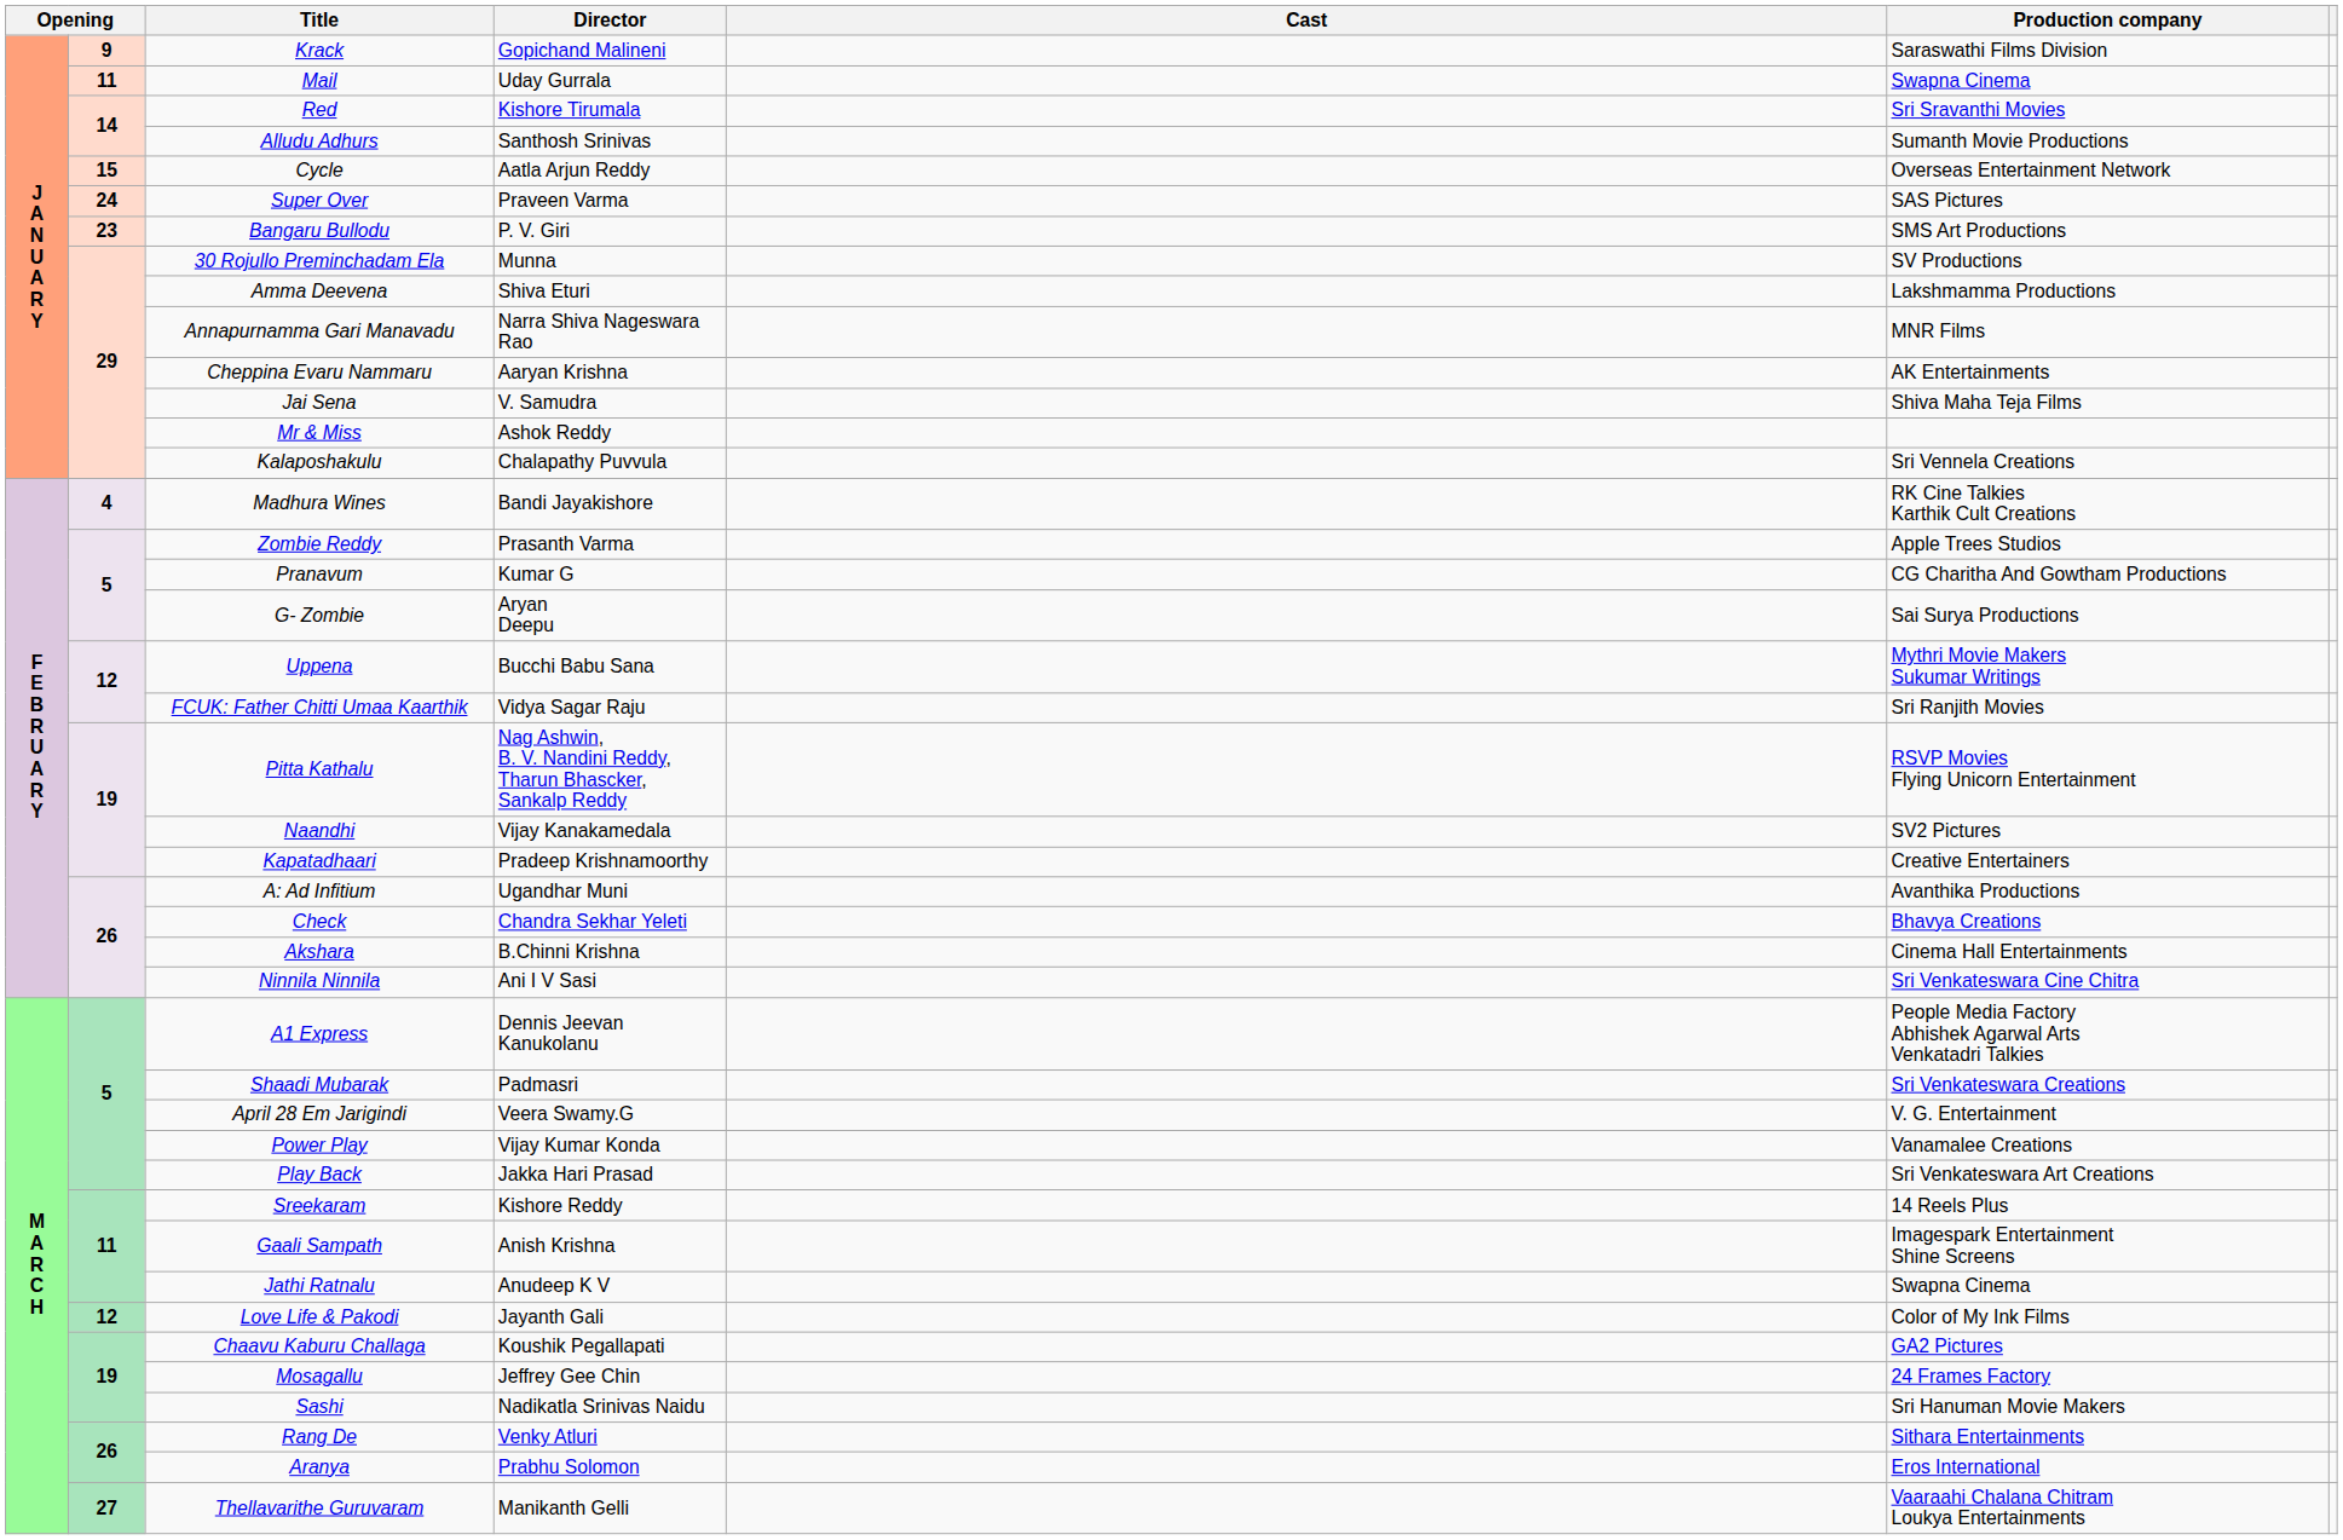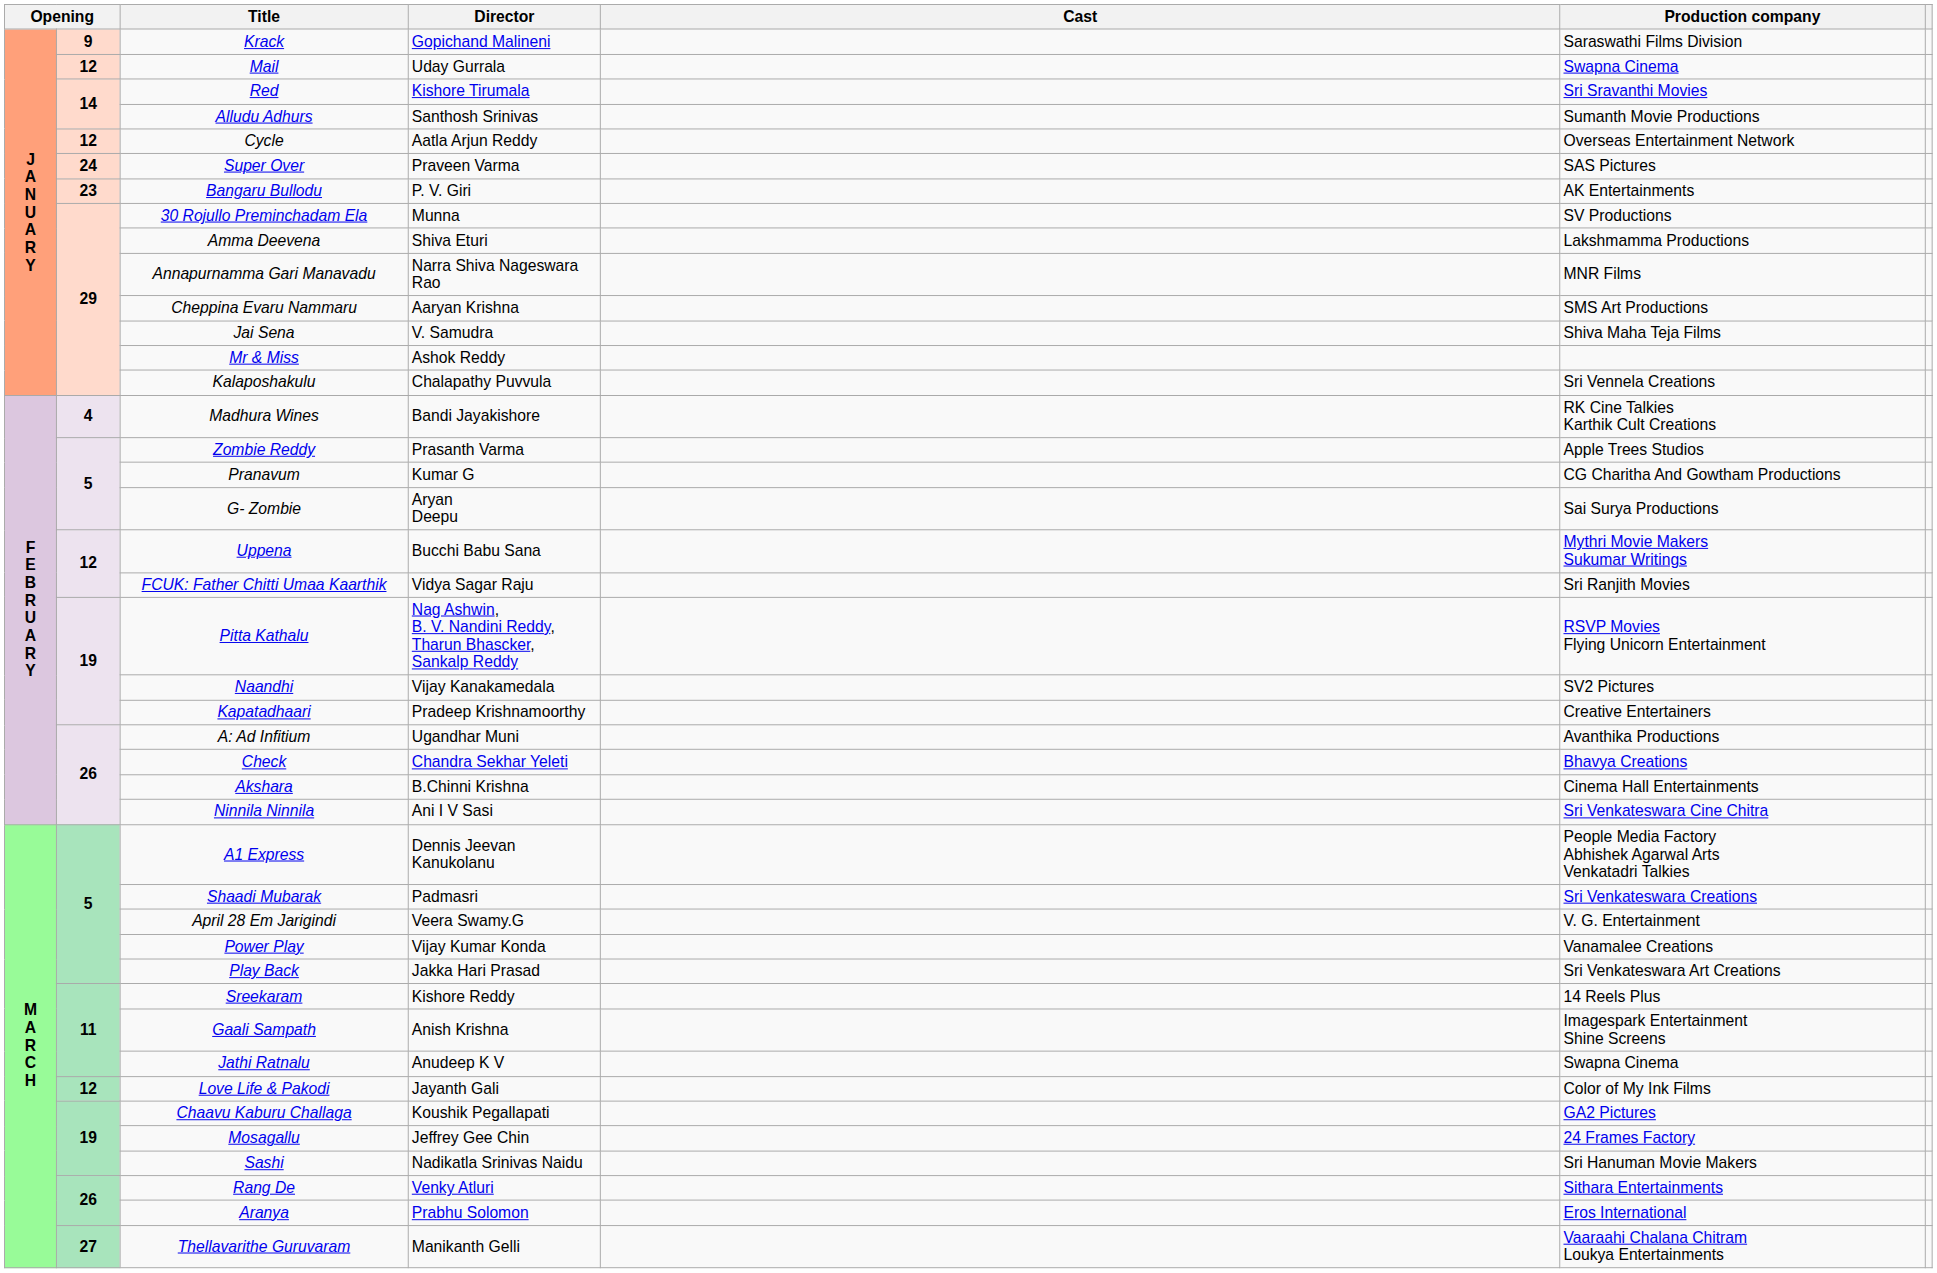 <table class="wikitable sortable">
 <tr style="background:#blue; text-align:center;">
 <th colspan="2" style="width:6%;">Opening</th>
 <th style="width:15%;">Title</th>
 <th style="width:10%;">Director</th>
 <th style="width:50%;">Cast</th>
 <th style="width:25%;">Production company</th>
 <th style="width:1%;"></th>
 </tr>
 <tr January!>
 <td rowspan="14" style="text-align:center;background:#ffa07a;textcolor:#000;"><strong>J<br>A<br>N<br>U<br>A<br>R<br>Y</strong></td>
 <td rowspan="1" style="text-align:center; background:#ffdacc;"><strong>9</strong></td>
 <td style="text-align:center;"><em><a href='#'>Krack</a></em></td>
 <td><a href='#'>Gopichand Malineni</a></td>
 <td></td>
 <td>Saraswathi Films Division</td>
 <td></td>
 </tr>
 <tr>
-<td rowspan="1" style="text-align:center; background:#ffdacc;"><strong>11</strong></td>
+<td rowspan="1" style="text-align:center; background:#ffdacc;"><strong>12</strong></td>
 <td style="text-align:center;"><em><a href='#'>Mail</a></em></td>
 <td>Uday Gurrala</td>
 <td></td>
 <td><a href='#'>Swapna Cinema</a></td>
 <td></td>
 </tr>
 <tr>
 <td rowspan="2" style="text-align:center;background:#ffdacc;"><strong>14</strong></td>
 <td style="text-align:center;"><em><a href='#'>Red</a></em></td>
 <td><a href='#'>Kishore Tirumala</a></td>
 <td></td>
 <td><a href='#'>Sri Sravanthi Movies</a></td>
 <td></td>
 </tr>
 <tr>
 <td style="text-align:center;"><em><a href='#'>Alludu Adhurs</a></em></td>
 <td>Santhosh Srinivas</td>
 <td></td>
 <td>Sumanth Movie Productions</td>
 <td></td>
 </tr>
 <tr>
-<td style="text-align:center;background:#ffdacc;"><strong>15</strong></td>
+<td style="text-align:center;background:#ffdacc;"><strong>12</strong></td>
 <td style="text-align:center;"><em>Cycle</em></td>
 <td>Aatla Arjun Reddy</td>
 <td></td>
 <td>Overseas Entertainment Network</td>
 <td></td>
 </tr>
 <tr>
 <td style="text-align:center;background:#ffdacc;"><strong>24</strong></td>
 <td style="text-align:center;"><a href='#'><em>Super Over</em></a></td>
 <td>Praveen Varma</td>
 <td></td>
 <td>SAS Pictures</td>
 <td></td>
 </tr>
 <tr>
 <td style="text-align:center;background:#ffdacc;"><strong>23</strong></td>
 <td style="text-align:center;"><em><a href='#'>Bangaru Bullodu</a></em></td>
 <td>P. V. Giri</td>
 <td></td>
-<td>SMS Art Productions</td>
+<td>AK Entertainments</td>
 <td></td>
 </tr>
 <tr>
 <td rowspan="7" style="text-align:center;background:#ffdacc;"><strong>29</strong></td>
 <td style="text-align:center;"><em><a href='#'>30 Rojullo Preminchadam Ela</a></em></td>
 <td>Munna</td>
 <td></td>
 <td>SV Productions</td>
 <td></td>
 </tr>
 <tr>
 <td style="text-align:center;"><em>Amma Deevena</em></td>
 <td>Shiva Eturi</td>
 <td></td>
 <td>Lakshmamma Productions</td>
 <td></td>
 </tr>
 <tr>
 <td style="text-align:center;"><em>Annapurnamma Gari Manavadu</em></td>
 <td>Narra Shiva Nageswara Rao</td>
 <td></td>
 <td>MNR Films</td>
 <td></td>
 </tr>
 <tr>
 <td style="text-align:center;"><em>Cheppina Evaru Nammaru</em></td>
 <td>Aaryan Krishna</td>
 <td></td>
-<td>AK Entertainments</td>
+<td>SMS Art Productions</td>
 <td></td>
 </tr>
 <tr>
 <td style="text-align:center;"><em>Jai Sena</em></td>
 <td>V. Samudra</td>
 <td></td>
 <td>Shiva Maha Teja Films</td>
 <td></td>
 </tr>
 <tr>
 <td style="text-align:center;"><em><a href='#'>Mr & Miss</a></em></td>
 <td>Ashok Reddy</td>
 <td></td>
 <td></td>
 <td></td>
 </tr>
 <tr>
 <td style="text-align:center;"><em>Kalaposhakulu</em></td>
 <td>Chalapathy Puvvula</td>
 <td></td>
 <td>Sri Vennela Creations</td>
 <td></td>
 </tr>
 <tr>
 </tr>
 <tr February!>
 <td rowspan="13" style="text-align:center; background:#dcc7df; textcolor:#000;"><strong>F<br>E<br>B<br>R<br>U<br>A<br>R<br>Y</strong></td>
 <td rowspan="1" style="text-align:center; background:#ede3ef;"><strong>4</strong></td>
 <td style="text-align:center;"><em>Madhura Wines</em></td>
 <td>Bandi Jayakishore</td>
 <td></td>
 <td>RK Cine Talkies<br>Karthik Cult Creations</td>
 <td></td>
 </tr>
 <tr>
 <td rowspan="3" style="text-align:center; background:#ede3ef;"><strong>5</strong></td>
 <td style="text-align:center;"><em><a href='#'>Zombie Reddy</a></em></td>
 <td>Prasanth Varma</td>
 <td></td>
 <td>Apple Trees Studios</td>
 <td></td>
 </tr>
 <tr>
 <td style="text-align:center;"><em>Pranavum</em></td>
 <td>Kumar G</td>
 <td></td>
 <td>CG Charitha And Gowtham Productions</td>
 <td></td>
 </tr>
 <tr>
 <td style="text-align:center;"><em>G- Zombie</em></td>
 <td>Aryan<br>Deepu</td>
 <td></td>
 <td>Sai Surya Productions</td>
 <td></td>
 </tr>
 <tr>
 <td rowspan="2" style="text-align:center; background:#ede3ef;"><strong>12</strong></td>
 <td style="text-align:center;"><em><a href='#'>Uppena</a></em></td>
 <td>Bucchi Babu Sana</td>
 <td></td>
 <td><a href='#'>Mythri Movie Makers</a><br><a href='#'>Sukumar Writings</a></td>
 <td></td>
 </tr>
 <tr>
 <td style="text-align:center;"><em><a href='#'>FCUK: Father Chitti Umaa Kaarthik</a></em></td>
 <td>Vidya Sagar Raju</td>
 <td></td>
 <td>Sri Ranjith Movies</td>
 <td></td>
 </tr>
 <tr>
 <td rowspan="3" style="text-align:center; background:#ede3ef;"><strong>19</strong></td>
 <td style="text-align:center;"><em><a href='#'>Pitta Kathalu</a></em></td>
 <td><a href='#'>Nag Ashwin</a>,<br><a href='#'>B. V. Nandini Reddy</a>,<br><a href='#'>Tharun Bhascker</a>,<br><a href='#'>Sankalp Reddy</a></td>
 <td></td>
 <td><a href='#'>RSVP Movies</a><br>Flying Unicorn Entertainment</td>
 <td></td>
 </tr>
 <tr>
 <td style="text-align:center;"><em><a href='#'>Naandhi</a></em></td>
 <td>Vijay Kanakamedala</td>
 <td></td>
 <td>SV2 Pictures</td>
 <td></td>
 </tr>
 <tr>
 <td style="text-align:center;"><em><a href='#'>Kapatadhaari</a></em></td>
 <td>Pradeep Krishnamoorthy</td>
 <td></td>
 <td>Creative Entertainers</td>
 <td></td>
 </tr>
 <tr>
 <td rowspan="4" style="text-align:center; background:#ede3ef;"><strong>26</strong></td>
 <td style="text-align:center;"><em>A: Ad Infitium</em></td>
 <td>Ugandhar Muni</td>
 <td></td>
 <td>Avanthika Productions</td>
 <td></td>
 </tr>
 <tr>
 <td style="text-align:center;"><em><a href='#'>Check</a></em></td>
 <td><a href='#'>Chandra Sekhar Yeleti</a></td>
 <td></td>
 <td><a href='#'>Bhavya Creations</a></td>
 <td></td>
 </tr>
 <tr>
 <td style="text-align:center;"><a href='#'><em>Akshara</em></a></td>
 <td>B.Chinni Krishna</td>
 <td></td>
 <td>Cinema Hall Entertainments</td>
 <td></td>
 </tr>
 <tr>
 <td style="text-align:center;"><em><a href='#'>Ninnila Ninnila</a></em></td>
 <td>Ani I V Sasi</td>
 <td></td>
 <td><a href='#'>Sri Venkateswara Cine Chitra</a></td>
 <td></td>
 </tr>
 <tr March!>
 <td rowspan="15" style="text-align:center; background:#98fb98; textcolor:#000;"><strong>M<br>A<br>R<br>C<br>H</strong></td>
 <td rowspan="5" style="text-align:center; background:#a8e4bc;"><strong>5</strong></td>
 <td style="text-align:center;"><em><a href='#'>A1 Express</a></em></td>
 <td>Dennis Jeevan Kanukolanu</td>
 <td></td>
 <td>People Media Factory<br>Abhishek Agarwal Arts<br>Venkatadri Talkies</td>
 <td></td>
 </tr>
 <tr>
 <td style="text-align:center;"><em><a href='#'>Shaadi Mubarak</a></em></td>
 <td>Padmasri</td>
 <td></td>
 <td><a href='#'>Sri Venkateswara Creations</a></td>
 <td></td>
 </tr>
 <tr>
 <td style="text-align:center;"><em>April 28 Em Jarigindi</em></td>
 <td>Veera Swamy.G</td>
 <td></td>
 <td>V. G. Entertainment</td>
 <td></td>
 </tr>
 <tr>
 <td style="text-align:center;"><em><a href='#'>Power Play</a></em></td>
 <td>Vijay Kumar Konda</td>
 <td></td>
 <td>Vanamalee Creations</td>
 <td></td>
 </tr>
 <tr>
 <td style="text-align:center;"><em><a href='#'>Play Back</a></em></td>
 <td>Jakka Hari Prasad</td>
 <td></td>
 <td>Sri Venkateswara Art Creations</td>
 <td></td>
 </tr>
 <tr>
 <td rowspan="3" style="text-align:center; background:#a8e4bc;"><strong>11</strong></td>
 <td style="text-align:center;"><em><a href='#'>Sreekaram</a></em></td>
 <td>Kishore Reddy</td>
 <td></td>
 <td>14 Reels Plus</td>
 <td></td>
 </tr>
 <tr>
 <td style="text-align:center;"><em><a href='#'>Gaali Sampath</a></em></td>
 <td>Anish Krishna</td>
 <td></td>
 <td>Imagespark Entertainment<br>Shine Screens</td>
 <td></td>
 </tr>
 <tr>
 <td style="text-align:center;"><em><a href='#'>Jathi Ratnalu</a></em></td>
 <td>Anudeep K V</td>
 <td></td>
 <td>Swapna Cinema</td>
 <td></td>
 </tr>
 <tr>
 <td style="text-align:center; background:#a8e4bc;"><strong>12</strong></td>
 <td style="text-align:center;"><em><a href='#'>Love Life & Pakodi</a></em></td>
 <td>Jayanth Gali</td>
 <td></td>
 <td>Color of My Ink Films</td>
 <td></td>
 </tr>
 <tr>
 <td rowspan="3" style="text-align:center; background:#a8e4bc;"><strong>19</strong></td>
 <td style="text-align:center;"><em><a href='#'>Chaavu Kaburu Challaga</a></em></td>
 <td>Koushik Pegallapati</td>
 <td></td>
 <td><a href='#'>GA2 Pictures</a></td>
 <td></td>
 </tr>
 <tr>
 <td style="text-align:center;"><em><a href='#'>Mosagallu</a></em></td>
 <td>Jeffrey Gee Chin</td>
 <td></td>
 <td><a href='#'>24 Frames Factory</a></td>
 <td></td>
 </tr>
 <tr>
 <td style="text-align:center;"><a href='#'><em>Sashi</em></a></td>
 <td>Nadikatla Srinivas Naidu</td>
 <td></td>
 <td>Sri Hanuman Movie Makers</td>
 <td></td>
 </tr>
 <tr>
 <td rowspan="2" style="text-align:center; background:#a8e4bc;"><strong>26</strong></td>
 <td style="text-align:center;"><em><a href='#'>Rang De</a></em></td>
 <td><a href='#'>Venky Atluri</a></td>
 <td></td>
 <td><a href='#'>Sithara Entertainments</a></td>
 <td></td>
 </tr>
 <tr>
 <td style="text-align:center;"><em><a href='#'>Aranya</a></em></td>
 <td><a href='#'>Prabhu Solomon</a></td>
 <td></td>
 <td><a href='#'>Eros International</a></td>
 <td></td>
 </tr>
 <tr>
 <td rowspan="1" style="text-align:center; background:#a8e4bc;"><strong>27</strong></td>
 <td style="text-align:center;"><em><a href='#'>Thellavarithe Guruvaram</a></em></td>
 <td>Manikanth Gelli</td>
 <td></td>
 <td><a href='#'>Vaaraahi Chalana Chitram</a><br>Loukya Entertainments</td>
 <td></td>
 </tr>
 </table>
